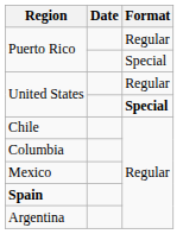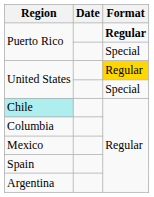 <table class="wikitable">
 <tr>
 <th>Region</th>
 <th>Date</th>
 <th>Format</th>
 </tr>
 <tr>
 <td rowspan="2">Puerto Rico</td>
 <td></td>
-<td>Regular</td>
+<td><strong>Regular</strong></td>
 </tr>
 <tr>
 <td></td>
 <td>Special</td>
 </tr>
 <tr>
 <td rowspan="2">United States</td>
 <td></td>
-<td>Regular</td>
+<td style="background: gold;">Regular</td>
 </tr>
 <tr>
 <td></td>
-<td><strong>Special</strong></td>
+<td>Special</td>
 </tr>
 <tr>
-<td>Chile</td>
+<td style="background: paleturquoise;">Chile</td>
 <td></td>
 <td rowspan="5">Regular</td>
 </tr>
 <tr>
 <td>Columbia</td>
 <td></td>
 </tr>
 <tr>
 <td>Mexico</td>
 <td></td>
 </tr>
 <tr>
-<td><strong>Spain</strong></td>
+<td>Spain</td>
 <td></td>
 </tr>
 <tr>
 <td>Argentina</td>
 <td></td>
 </tr>
 </table>
